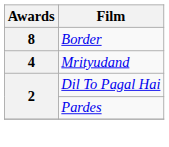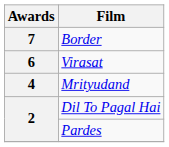 <table class="wikitable" style="display:inline-table;">
 <tr>
 <th>Awards</th>
 <th>Film</th>
 </tr>
 <tr>
-<th>8</th>
+<th>7</th>
 <td><em><a href='#'>Border</a></em></td>
+</tr>
+<tr>
+<th>6</th>
+<td><em><a href='#'>Virasat</a></em></td>
 </tr>
 <tr>
 <th>4</th>
 <td><em><a href='#'>Mrityudand</a></em></td>
 </tr>
 <tr>
 <th rowspan="2">2</th>
 <td><em><a href='#'>Dil To Pagal Hai</a></em></td>
 </tr>
 <tr>
 <td><em><a href='#'>Pardes</a></em></td>
 </tr>
 <tr>
 </tr>
 </table>
